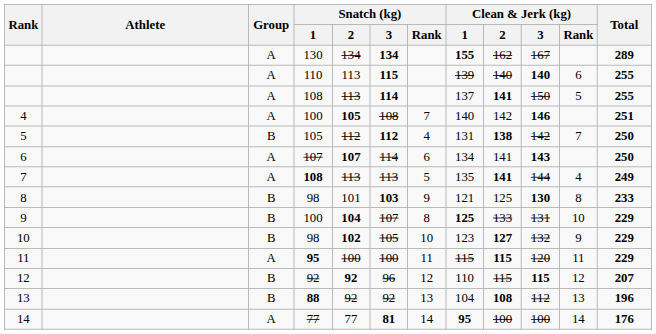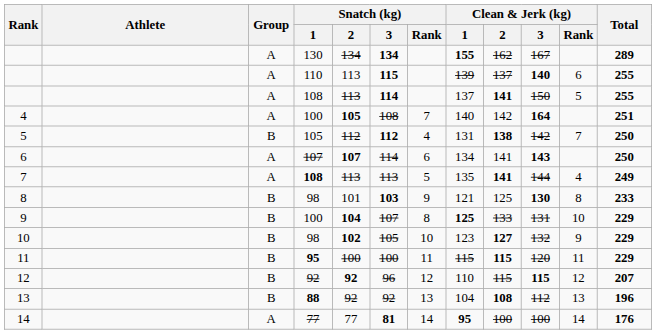 <table class = "wikitable" style="text-align:center;">
 <tr>
 <th rowspan=2 width=40>Rank</th>
 <th rowspan=2 width=250>Athlete</th>
 <th rowspan=2 width=50>Group</th>
 <th colspan=4>Snatch (kg)</th>
 <th colspan=4>Clean & Jerk (kg)</th>
 <th rowspan=2 width=60>Total</th>
 </tr>
 <tr>
 <th width=40>1</th>
 <th width=40>2</th>
 <th width=40>3</th>
 <th width=40>Rank</th>
 <th width=40>1</th>
 <th width=40>2</th>
 <th width=40>3</th>
 <th width=40>Rank</th>
 </tr>
 <tr>
 <td></td>
 <td align=left></td>
 <td>A</td>
 <td>130</td>
 <td><s>134</s></td>
 <td><strong>134</strong></td>
 <td></td>
 <td><strong>155</strong></td>
 <td><s>162</s></td>
 <td><s>167</s></td>
 <td></td>
 <td><strong>289</strong></td>
 </tr>
 <tr>
 <td></td>
 <td align=left></td>
 <td>A</td>
 <td>110</td>
 <td>113</td>
 <td><strong>115</strong></td>
 <td></td>
 <td><s>139</s></td>
-<td><s>140</s></td>
+<td><s>137</s></td>
 <td><strong>140</strong></td>
 <td>6</td>
 <td><strong>255</strong></td>
 </tr>
 <tr>
 <td></td>
 <td align=left></td>
 <td>A</td>
 <td>108</td>
 <td><s>113</s></td>
 <td><strong>114</strong></td>
 <td></td>
 <td>137</td>
 <td><strong>141</strong></td>
 <td><s>150</s></td>
 <td>5</td>
 <td><strong>255</strong></td>
 </tr>
 <tr>
 <td>4</td>
 <td align=left></td>
 <td>A</td>
 <td>100</td>
 <td><strong>105</strong></td>
 <td><s>108</s></td>
 <td>7</td>
 <td>140</td>
 <td>142</td>
-<td><strong>146</strong></td>
+<td><strong>164</strong></td>
 <td></td>
 <td><strong>251</strong></td>
 </tr>
 <tr>
 <td>5</td>
 <td align=left></td>
 <td>B</td>
 <td>105</td>
 <td><s>112</s></td>
 <td><strong>112</strong></td>
 <td>4</td>
 <td>131</td>
 <td><strong>138</strong></td>
 <td><s>142</s></td>
 <td>7</td>
 <td><strong>250</strong></td>
 </tr>
 <tr>
 <td>6</td>
 <td align=left></td>
 <td>A</td>
 <td><s>107</s></td>
 <td><strong>107</strong></td>
 <td><s>114</s></td>
 <td>6</td>
 <td>134</td>
 <td>141</td>
 <td><strong>143</strong></td>
 <td></td>
 <td><strong>250</strong></td>
 </tr>
 <tr>
 <td>7</td>
 <td align=left></td>
 <td>A</td>
 <td><strong>108</strong></td>
 <td><s>113</s></td>
 <td><s>113</s></td>
 <td>5</td>
 <td>135</td>
 <td><strong>141</strong></td>
 <td><s>144</s></td>
 <td>4</td>
 <td><strong>249</strong></td>
 </tr>
 <tr>
 <td>8</td>
 <td align=left></td>
 <td>B</td>
 <td>98</td>
 <td>101</td>
 <td><strong>103</strong></td>
 <td>9</td>
 <td>121</td>
 <td>125</td>
 <td><strong>130</strong></td>
 <td>8</td>
 <td><strong>233</strong></td>
 </tr>
 <tr>
 <td>9</td>
 <td align=left></td>
 <td>B</td>
 <td>100</td>
 <td><strong>104</strong></td>
 <td><s>107</s></td>
 <td>8</td>
 <td><strong>125</strong></td>
 <td><s>133</s></td>
 <td><s>131</s></td>
 <td>10</td>
 <td><strong>229</strong></td>
 </tr>
 <tr>
 <td>10</td>
 <td align=left></td>
 <td>B</td>
 <td>98</td>
 <td><strong>102</strong></td>
 <td><s>105</s></td>
 <td>10</td>
 <td>123</td>
 <td><strong>127</strong></td>
 <td><s>132</s></td>
 <td>9</td>
 <td><strong>229</strong></td>
 </tr>
 <tr>
 <td>11</td>
 <td align=left></td>
-<td>A</td>
+<td>B</td>
 <td><strong>95</strong></td>
 <td><s>100</s></td>
 <td><s>100</s></td>
 <td>11</td>
 <td><s>115</s></td>
 <td><strong>115</strong></td>
 <td><s>120</s></td>
 <td>11</td>
 <td><strong>229</strong></td>
 </tr>
 <tr>
 <td>12</td>
 <td align=left></td>
 <td>B</td>
 <td><s>92</s></td>
 <td><strong>92</strong></td>
 <td><s>96</s></td>
 <td>12</td>
 <td>110</td>
 <td><s>115</s></td>
 <td><strong>115</strong></td>
 <td>12</td>
 <td><strong>207</strong></td>
 </tr>
 <tr>
 <td>13</td>
 <td align=left></td>
 <td>B</td>
 <td><strong>88</strong></td>
 <td><s>92</s></td>
 <td><s>92</s></td>
 <td>13</td>
 <td>104</td>
 <td><strong>108</strong></td>
 <td><s>112</s></td>
 <td>13</td>
 <td><strong>196</strong></td>
 </tr>
 <tr>
 <td>14</td>
 <td align=left></td>
 <td>A</td>
 <td><s>77</s></td>
 <td>77</td>
 <td><strong>81</strong></td>
 <td>14</td>
 <td><strong>95</strong></td>
 <td><s>100</s></td>
 <td><s>100</s></td>
 <td>14</td>
 <td><strong>176</strong></td>
 </tr>
 </table>
